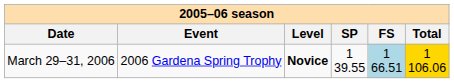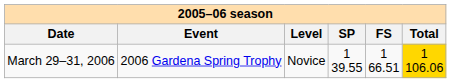 <table class="wikitable">
 <tr>
 <th style="background-color: #ffdead;" colspan=6>2005–06 season</th>
 </tr>
 <tr>
 <th>Date</th>
 <th>Event</th>
 <th>Level</th>
 <th>SP</th>
 <th>FS</th>
 <th>Total</th>
 </tr>
 <tr>
 <td>March 29–31, 2006</td>
 <td>2006 <a href='#'>Gardena Spring Trophy</a></td>
-<td><strong>Novice</strong></td>
+<td>Novice</td>
 <td align=center>1<br>39.55</td>
-<td align=center style="background: lightblue;">1<br>66.51</td>
+<td align=center>1<br>66.51</td>
 <td align=center bgcolor=gold>1<br>106.06</td>
 </tr>
 </table>
